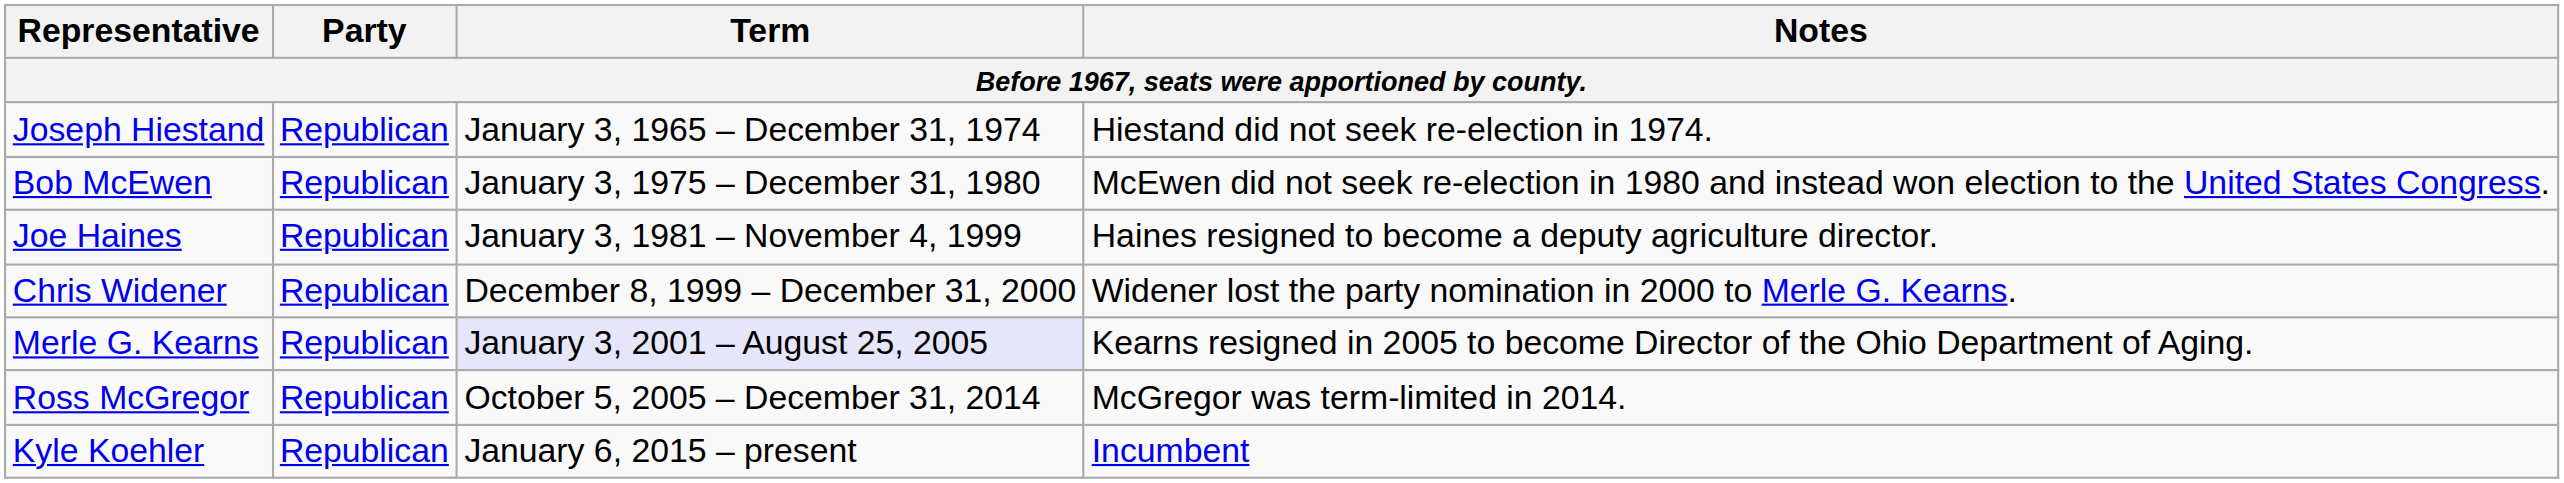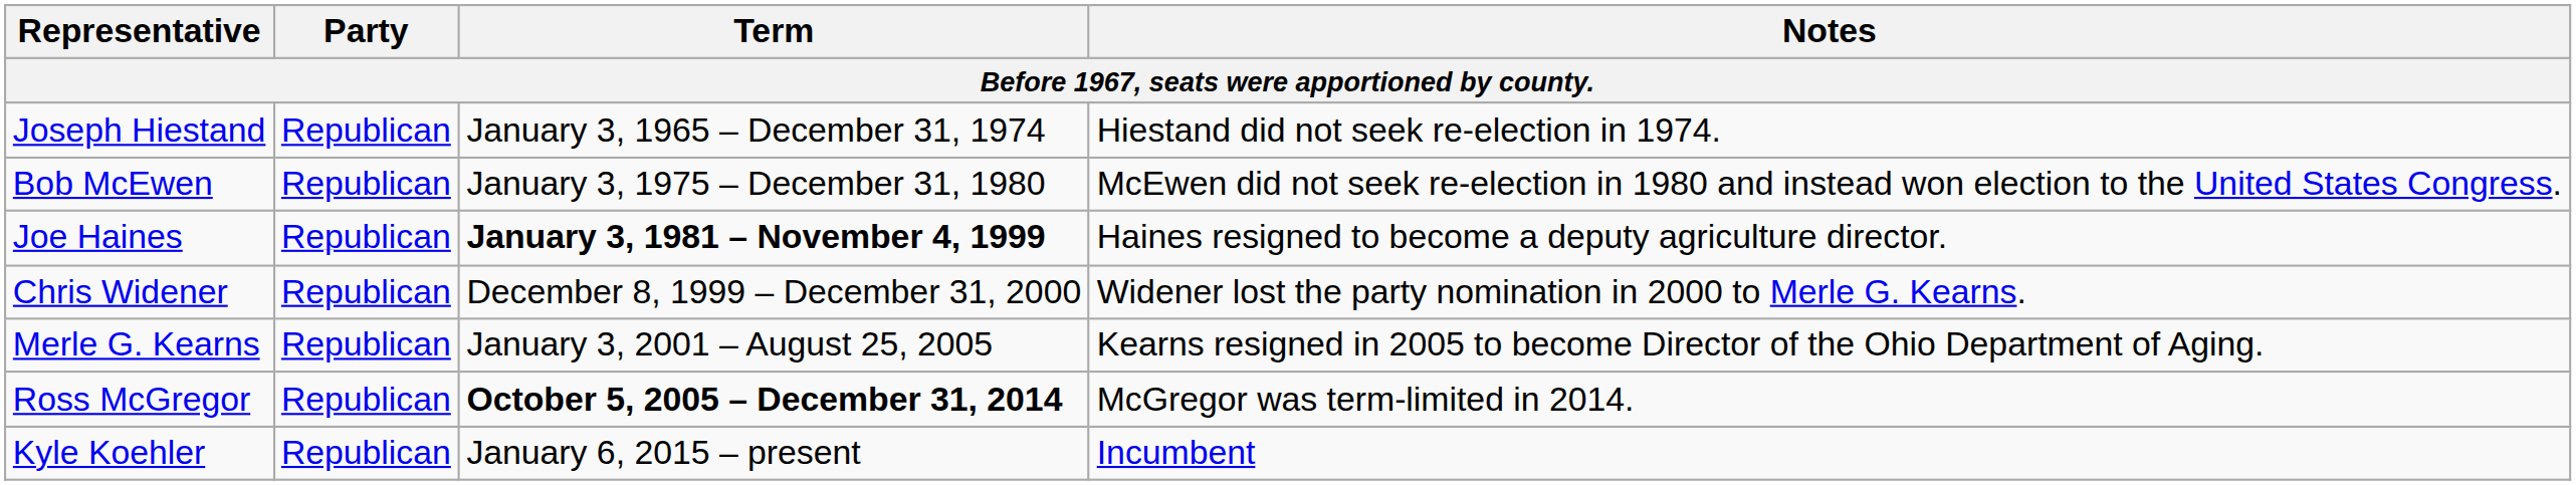 <table class=wikitable>
 <tr valign=bottom>
 <th>Representative</th>
 <th>Party</th>
 <th>Term</th>
 <th>Notes</th>
 </tr>
 <tr>
 <th colspan=5 style="font-size: 80%;"><em>Before 1967, seats were apportioned by county.</em></th>
 </tr>
 <tr>
 <td><a href='#'>Joseph Hiestand</a></td>
 <td><a href='#'>Republican</a></td>
 <td>January 3, 1965 – December 31, 1974</td>
 <td>Hiestand did not seek re-election in 1974.</td>
 </tr>
 <tr>
 <td><a href='#'>Bob McEwen</a></td>
 <td><a href='#'>Republican</a></td>
 <td>January 3, 1975 – December 31, 1980</td>
 <td>McEwen did not seek re-election in 1980 and instead won election to the <a href='#'>United States Congress</a>.</td>
 </tr>
 <tr>
 <td><a href='#'>Joe Haines</a></td>
 <td><a href='#'>Republican</a></td>
-<td>January 3, 1981 – November 4, 1999</td>
+<td><strong>January 3, 1981 – November 4, 1999</strong></td>
 <td>Haines resigned to become a deputy agriculture director.</td>
 </tr>
 <tr>
 <td><a href='#'>Chris Widener</a></td>
 <td><a href='#'>Republican</a></td>
 <td>December 8, 1999 – December 31, 2000</td>
 <td>Widener lost the party nomination in 2000 to <a href='#'>Merle G. Kearns</a>.</td>
 </tr>
 <tr>
 <td><a href='#'>Merle G. Kearns</a></td>
 <td><a href='#'>Republican</a></td>
-<td style="background: lavender;">January 3, 2001 – August 25, 2005</td>
+<td>January 3, 2001 – August 25, 2005</td>
 <td>Kearns resigned in 2005 to become Director of the Ohio Department of Aging.</td>
 </tr>
 <tr>
 <td><a href='#'>Ross McGregor</a></td>
 <td><a href='#'>Republican</a></td>
-<td>October 5, 2005 – December 31, 2014</td>
+<td><strong>October 5, 2005 – December 31, 2014</strong></td>
 <td>McGregor was term-limited in 2014.</td>
 </tr>
 <tr>
 <td><a href='#'>Kyle Koehler</a></td>
 <td><a href='#'>Republican</a></td>
 <td>January 6, 2015 – present</td>
 <td><a href='#'>Incumbent</a></td>
 </tr>
 </table>
